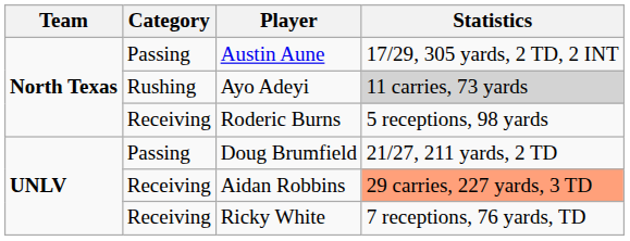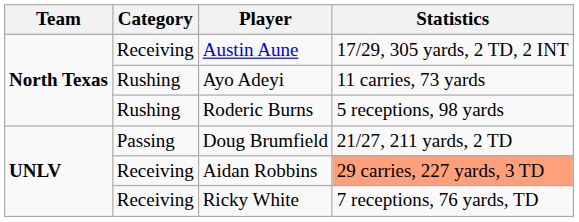 <table class="wikitable" style="float: left;">
 <tr>
 <th>Team</th>
 <th>Category</th>
 <th>Player</th>
 <th>Statistics</th>
 </tr>
 <tr>
 <td rowspan=3><strong>North Texas</strong></td>
-<td>Passing</td>
+<td>Receiving</td>
 <td><a href='#'>Austin Aune</a></td>
 <td>17/29, 305 yards, 2 TD, 2 INT</td>
 </tr>
 <tr>
 <td>Rushing</td>
 <td>Ayo Adeyi</td>
-<td style="background: lightgrey;">11 carries, 73 yards</td>
+<td>11 carries, 73 yards</td>
 </tr>
 <tr>
-<td>Receiving</td>
+<td>Rushing</td>
 <td>Roderic Burns</td>
 <td>5 receptions, 98 yards</td>
 </tr>
 <tr>
 <td rowspan=3><strong>UNLV</strong></td>
 <td>Passing</td>
 <td>Doug Brumfield</td>
 <td>21/27, 211 yards, 2 TD</td>
 </tr>
 <tr>
 <td>Receiving</td>
 <td>Aidan Robbins</td>
 <td style="background: lightsalmon;">29 carries, 227 yards, 3 TD</td>
 </tr>
 <tr>
 <td>Receiving</td>
 <td>Ricky White</td>
 <td>7 receptions, 76 yards, TD</td>
 </tr>
 </table>
